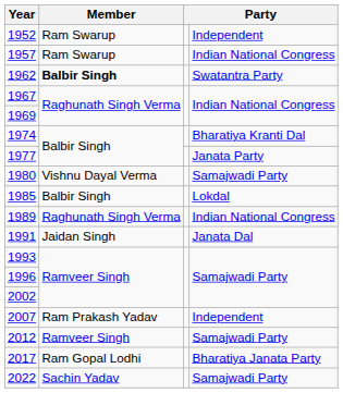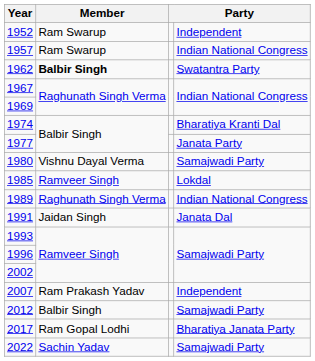 <table class="wikitable">
 <tr>
 <th>Year</th>
 <th>Member</th>
 <th colspan="2">Party</th>
 </tr>
 <tr>
 <td><a href='#'>1952</a></td>
 <td>Ram Swarup</td>
 <td style="background-color: "></td>
 <td><a href='#'>Independent</a></td>
 </tr>
 <tr>
 <td><a href='#'>1957</a></td>
 <td>Ram Swarup</td>
 <td style="background-color: "></td>
 <td><a href='#'>Indian National Congress</a></td>
 </tr>
 <tr>
 <td><a href='#'>1962</a></td>
 <td><strong>Balbir Singh</strong></td>
 <td style="background-color: "></td>
 <td><a href='#'>Swatantra Party</a></td>
 </tr>
 <tr>
 <td><a href='#'>1967</a></td>
 <td rowspan="2"><a href='#'>Raghunath Singh Verma</a></td>
 <td rowspan="2" style="background-color: "></td>
 <td rowspan="2"><a href='#'>Indian National Congress</a></td>
 </tr>
 <tr>
 <td><a href='#'>1969</a></td>
 </tr>
 <tr>
 <td><a href='#'>1974</a></td>
 <td rowspan="2">Balbir Singh</td>
 <td style="background-color: "></td>
 <td><a href='#'>Bharatiya Kranti Dal</a></td>
 </tr>
 <tr>
 <td><a href='#'>1977</a></td>
 <td style="background-color: "></td>
 <td><a href='#'>Janata Party</a></td>
 </tr>
 <tr>
 <td><a href='#'>1980</a></td>
 <td>Vishnu Dayal Verma</td>
 <td style="background-color: "></td>
 <td><a href='#'>Samajwadi Party</a></td>
 </tr>
 <tr>
 <td><a href='#'>1985</a></td>
-<td>Balbir Singh</td>
+<td><a href='#'>Ramveer Singh</a></td>
 <td style="background-color: "></td>
 <td><a href='#'>Lokdal</a></td>
 </tr>
 <tr>
 <td><a href='#'>1989</a></td>
 <td><a href='#'>Raghunath Singh Verma</a></td>
 <td style="background-color: "></td>
 <td><a href='#'>Indian National Congress</a></td>
 </tr>
 <tr>
 <td><a href='#'>1991</a></td>
 <td>Jaidan Singh</td>
 <td style="background-color: "></td>
 <td><a href='#'>Janata Dal</a></td>
 </tr>
 <tr>
 <td><a href='#'>1993</a></td>
 <td rowspan="3"><a href='#'>Ramveer Singh</a></td>
 <td rowspan="3" style="background-color: "></td>
 <td rowspan="3"><a href='#'>Samajwadi Party</a></td>
 </tr>
 <tr>
 <td><a href='#'>1996</a></td>
 </tr>
 <tr>
 <td><a href='#'>2002</a></td>
 </tr>
 <tr>
 <td><a href='#'>2007</a></td>
 <td>Ram Prakash Yadav</td>
 <td style="background-color: "></td>
 <td><a href='#'>Independent</a></td>
 </tr>
 <tr>
 <td><a href='#'>2012</a></td>
-<td><a href='#'>Ramveer Singh</a></td>
+<td>Balbir Singh</td>
 <td style="background-color: "></td>
 <td><a href='#'>Samajwadi Party</a></td>
 </tr>
 <tr>
 <td><a href='#'>2017</a></td>
 <td>Ram Gopal Lodhi</td>
 <td style="background-color: "></td>
 <td><a href='#'>Bharatiya Janata Party</a></td>
 </tr>
 <tr>
 <td><a href='#'>2022</a></td>
 <td><a href='#'>Sachin Yadav</a></td>
 <td style="background-color: "></td>
 <td><a href='#'>Samajwadi Party</a></td>
 </tr>
 </table>
